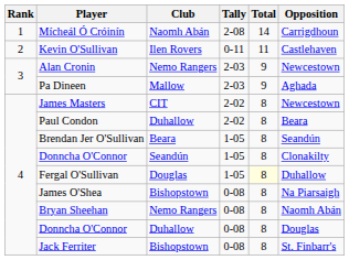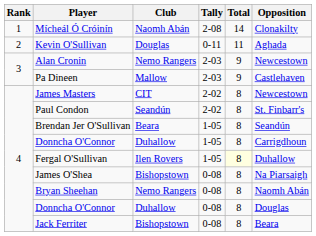 <table class="wikitable">
 <tr>
 <th>Rank</th>
 <th>Player</th>
 <th>Club</th>
 <th>Tally</th>
 <th>Total</th>
 <th>Opposition</th>
 </tr>
 <tr>
 <td rowspan="1" style="text-align:center;">1</td>
 <td><a href='#'>Mícheál Ó Cróinín</a></td>
 <td><a href='#'>Naomh Abán</a></td>
 <td align=center>2-08</td>
 <td align=center>14</td>
-<td><a href='#'>Carrigdhoun</a></td>
+<td><a href='#'>Clonakilty</a></td>
 </tr>
 <tr>
 <td rowspan="1" style="text-align:center;">2</td>
 <td><a href='#'>Kevin O'Sullivan</a></td>
-<td><a href='#'>Ilen Rovers</a></td>
+<td><a href='#'>Douglas</a></td>
 <td align=center>0-11</td>
 <td align=center>11</td>
-<td><a href='#'>Castlehaven</a></td>
+<td><a href='#'>Aghada</a></td>
 </tr>
 <tr>
 <td rowspan="2" style="text-align:center;">3</td>
 <td><a href='#'>Alan Cronin</a></td>
 <td><a href='#'>Nemo Rangers</a></td>
 <td align=center>2-03</td>
 <td align=center>9</td>
 <td><a href='#'>Newcestown</a></td>
 </tr>
 <tr>
 <td>Pa Dineen</td>
 <td><a href='#'>Mallow</a></td>
 <td align=center>2-03</td>
 <td align=center>9</td>
-<td><a href='#'>Aghada</a></td>
+<td><a href='#'>Castlehaven</a></td>
 </tr>
 <tr>
 <td rowspan="9" style="text-align:center;">4</td>
 <td><a href='#'>James Masters</a></td>
 <td><a href='#'>CIT</a></td>
 <td align=center>2-02</td>
 <td align=center>8</td>
 <td><a href='#'>Newcestown</a></td>
 </tr>
 <tr>
 <td>Paul Condon</td>
-<td><a href='#'>Duhallow</a></td>
+<td><a href='#'>Seandún</a></td>
 <td align=center>2-02</td>
 <td align=center>8</td>
-<td><a href='#'>Beara</a></td>
+<td><a href='#'>St. Finbarr's</a></td>
 </tr>
 <tr>
 <td>Brendan Jer O'Sullivan</td>
 <td><a href='#'>Beara</a></td>
 <td align=center>1-05</td>
 <td align=center>8</td>
 <td><a href='#'>Seandún</a></td>
 </tr>
 <tr>
 <td><a href='#'>Donncha O'Connor</a></td>
-<td><a href='#'>Seandún</a></td>
+<td><a href='#'>Duhallow</a></td>
 <td align=center>1-05</td>
 <td align=center>8</td>
-<td><a href='#'>Clonakilty</a></td>
+<td><a href='#'>Carrigdhoun</a></td>
 </tr>
 <tr>
 <td>Fergal O'Sullivan</td>
-<td><a href='#'>Douglas</a></td>
+<td><a href='#'>Ilen Rovers</a></td>
 <td align=center>1-05</td>
 <td align=center style="background: lightyellow;">8</td>
 <td><a href='#'>Duhallow</a></td>
 </tr>
 <tr>
 <td>James O'Shea</td>
 <td><a href='#'>Bishopstown</a></td>
 <td align=center>0-08</td>
 <td align=center>8</td>
 <td><a href='#'>Na Piarsaigh</a></td>
 </tr>
 <tr>
 <td><a href='#'>Bryan Sheehan</a></td>
 <td><a href='#'>Nemo Rangers</a></td>
 <td align=center>0-08</td>
 <td align=center>8</td>
 <td><a href='#'>Naomh Abán</a></td>
 </tr>
 <tr>
 <td><a href='#'>Donncha O'Connor</a></td>
 <td><a href='#'>Duhallow</a></td>
 <td align=center>0-08</td>
 <td align=center>8</td>
 <td><a href='#'>Douglas</a></td>
 </tr>
 <tr>
 <td><a href='#'>Jack Ferriter</a></td>
 <td><a href='#'>Bishopstown</a></td>
 <td align=center>0-08</td>
 <td align=center>8</td>
-<td><a href='#'>St. Finbarr's</a></td>
+<td><a href='#'>Beara</a></td>
 </tr>
 </table>
